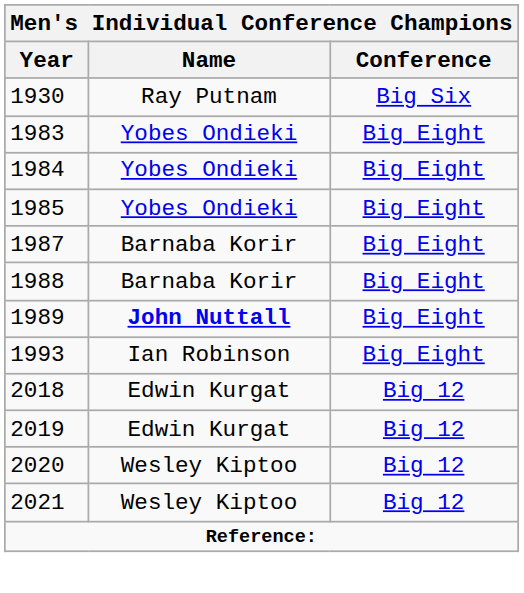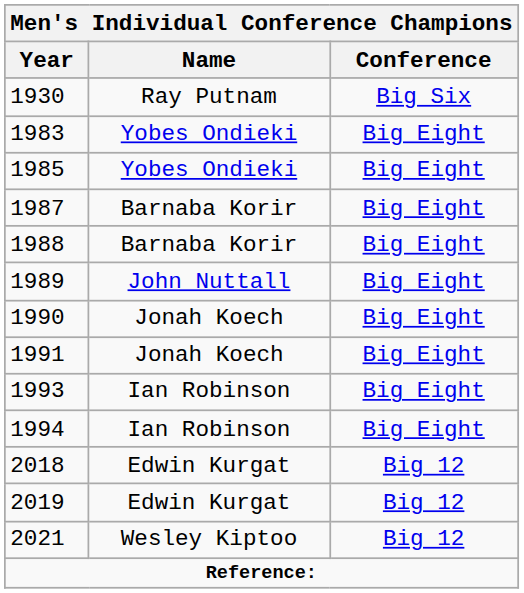 <table class="wikitable">
 <tr>
 <th colspan="3">Men's Individual Conference Champions</th>
 </tr>
 <tr>
 <th scope="col">Year</th>
 <th scope="col">Name</th>
 <th scope="col">Conference</th>
 </tr>
 <tr>
 <td>1930</td>
 <td style="text-align: center;">Ray Putnam</td>
 <td style="text-align: center;"><a href='#'>Big Six</a></td>
 </tr>
 <tr>
 <td>1983</td>
 <td style="text-align: center;"><a href='#'>Yobes Ondieki</a></td>
 <td style="text-align: center;"><a href='#'>Big Eight</a></td>
 </tr>
 <tr>
-<td>1984</td>
-<td style="text-align: center;"><a href='#'>Yobes Ondieki</a></td>
-<td style="text-align: center;"><a href='#'>Big Eight</a></td>
-</tr>
-<tr>
 <td>1985</td>
 <td style="text-align: center;"><a href='#'>Yobes Ondieki</a></td>
 <td style="text-align: center;"><a href='#'>Big Eight</a></td>
 </tr>
 <tr>
 <td>1987</td>
 <td style="text-align: center;">Barnaba Korir</td>
 <td style="text-align: center;"><a href='#'>Big Eight</a></td>
 </tr>
 <tr>
 <td>1988</td>
 <td style="text-align: center;">Barnaba Korir</td>
 <td style="text-align: center;"><a href='#'>Big Eight</a></td>
 </tr>
 <tr>
 <td>1989</td>
-<td style="text-align: center;"><strong><a href='#'>John Nuttall</a></strong></td>
+<td style="text-align: center;"><a href='#'>John Nuttall</a></td>
+<td style="text-align: center;"><a href='#'>Big Eight</a></td>
+</tr>
+<tr>
+<td>1990</td>
+<td style="text-align: center;">Jonah Koech</td>
+<td style="text-align: center;"><a href='#'>Big Eight</a></td>
+</tr>
+<tr>
+<td>1991</td>
+<td style="text-align: center;">Jonah Koech</td>
 <td style="text-align: center;"><a href='#'>Big Eight</a></td>
 </tr>
 <tr>
 <td>1993</td>
+<td style="text-align: center;">Ian Robinson</td>
+<td style="text-align: center;"><a href='#'>Big Eight</a></td>
+</tr>
+<tr>
+<td>1994</td>
 <td style="text-align: center;">Ian Robinson</td>
 <td style="text-align: center;"><a href='#'>Big Eight</a></td>
 </tr>
 <tr>
 <td>2018</td>
 <td style="text-align: center;">Edwin Kurgat</td>
 <td style="text-align: center;"><a href='#'>Big 12</a></td>
 </tr>
 <tr>
 <td>2019</td>
 <td style="text-align: center;">Edwin Kurgat</td>
 <td style="text-align: center;"><a href='#'>Big 12</a></td>
 </tr>
 <tr>
-<td>2020</td>
-<td style="text-align: center;">Wesley Kiptoo</td>
-<td style="text-align: center;"><a href='#'>Big 12</a></td>
-</tr>
-<tr>
 <td>2021</td>
 <td style="text-align: center;">Wesley Kiptoo</td>
 <td style="text-align: center;"><a href='#'>Big 12</a></td>
 </tr>
 <tr>
 <td colspan="3"  style="font-size:8pt; text-align:center;"><strong>Reference:</strong></td>
 </tr>
 </table>
